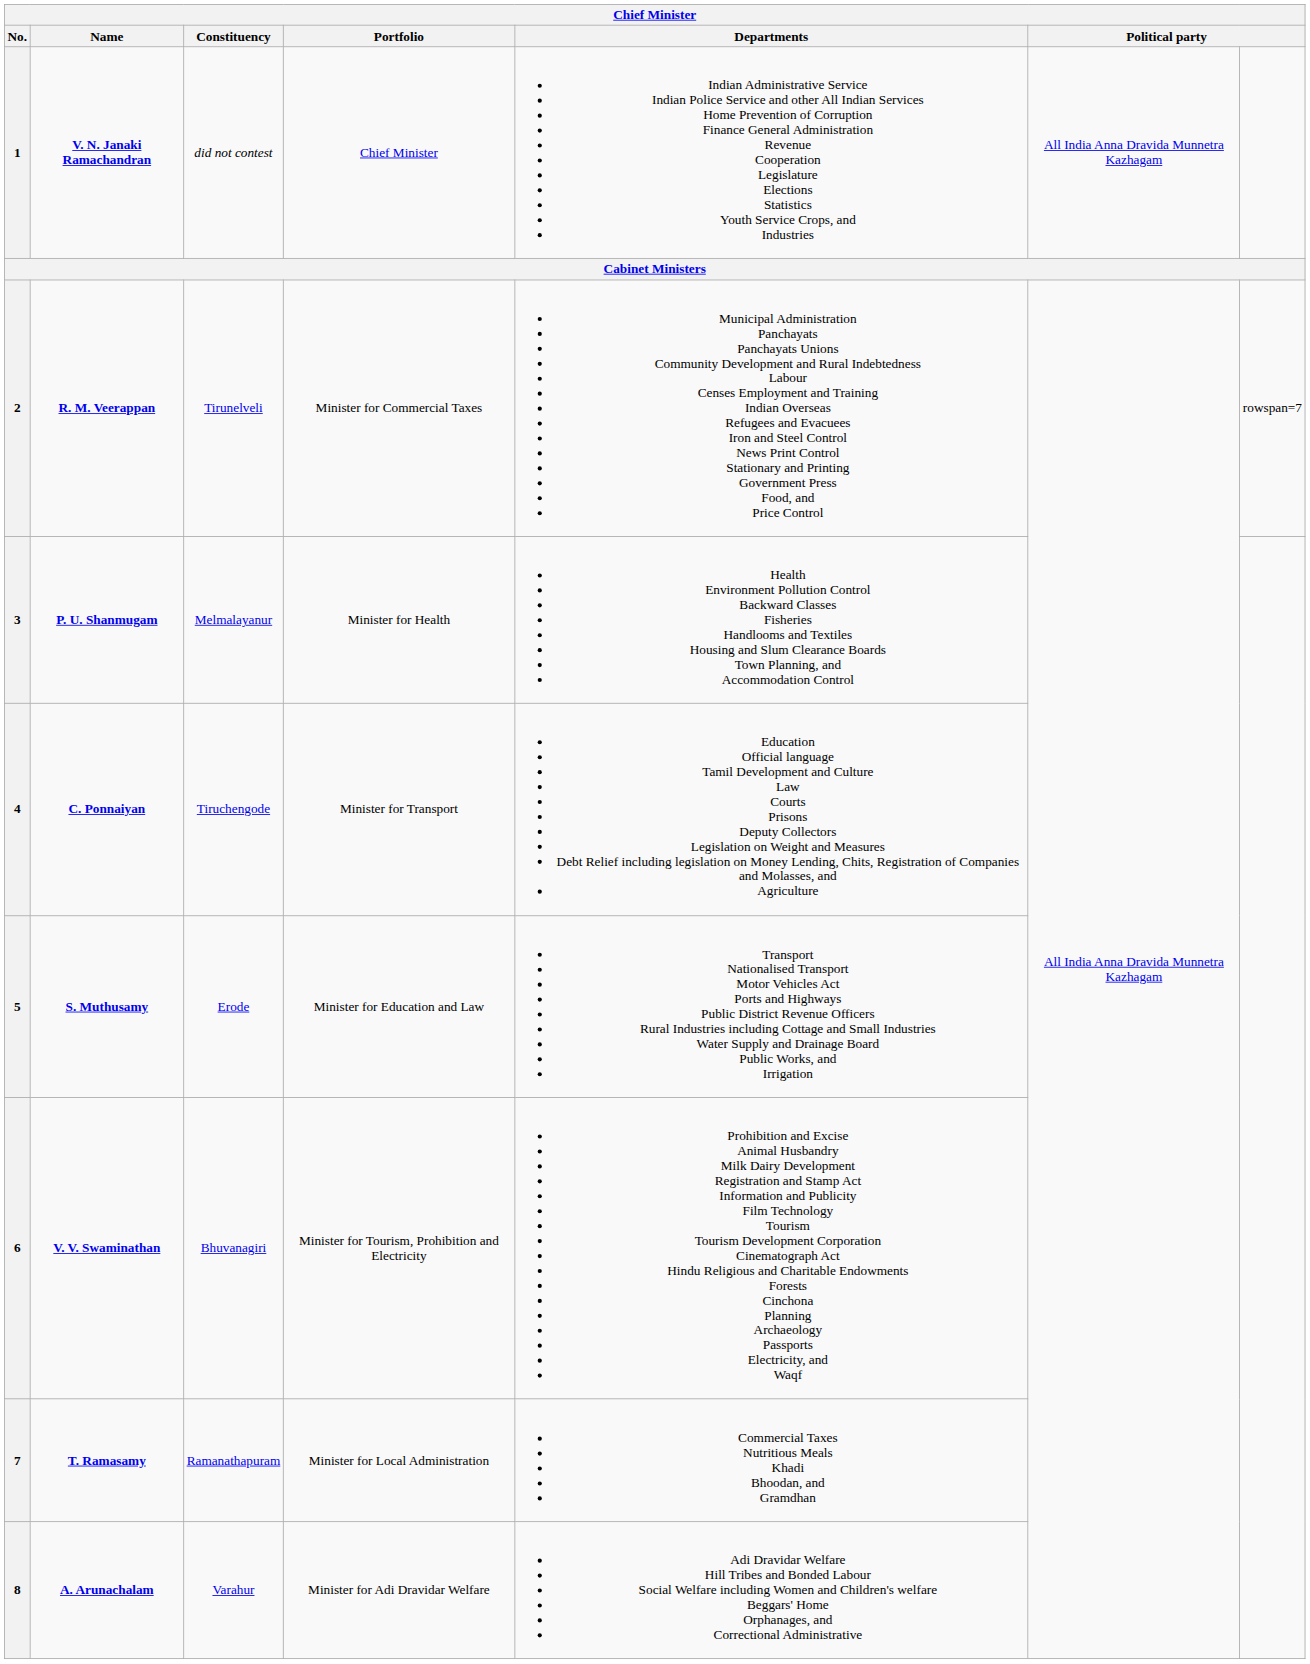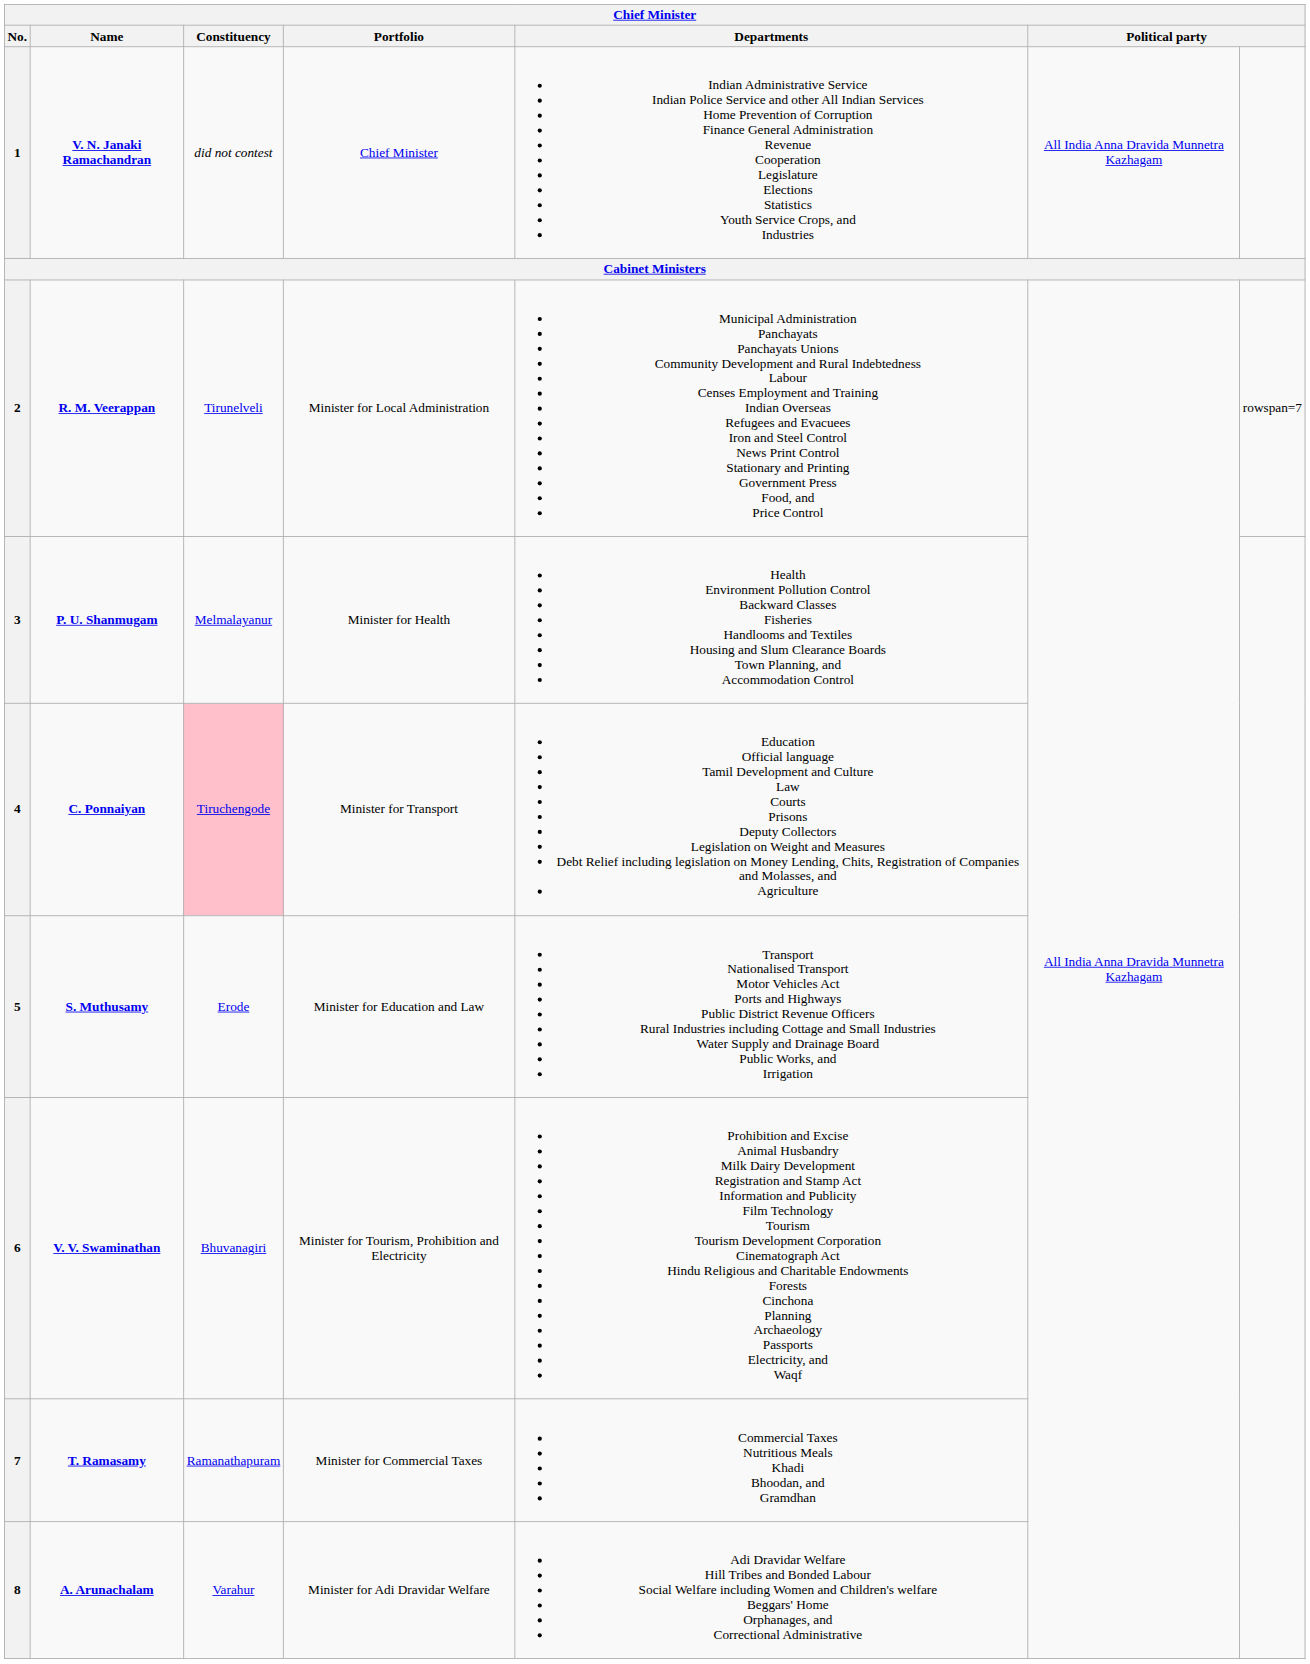 <table class="wikitable" style="text-align:center;">
 <tr>
 <th colspan=7><a href='#'>Chief Minister</a></th>
 </tr>
 <tr>
 <th>No.</th>
 <th>Name</th>
 <th>Constituency</th>
 <th>Portfolio</th>
 <th>Departments</th>
 <th colspan=2>Political party</th>
 </tr>
 <tr>
 <th>1</th>
 <td><strong><a href='#'>V. N. Janaki Ramachandran</a></strong></td>
 <td><em>did not contest</em></td>
 <td><a href='#'>Chief Minister</a></td>
 <td><br><ul><li>Indian Administrative Service</li><li>Indian Police Service and other All Indian Services</li><li>Home Prevention of Corruption</li><li>Finance General Administration</li><li>Revenue</li><li>Cooperation</li><li>Legislature</li><li>Elections</li><li>Statistics</li><li>Youth Service Crops, and</li><li>Industries</li></ul></td>
 <td><a href='#'>All India Anna Dravida Munnetra Kazhagam</a></td>
 <td></td>
 </tr>
 <tr>
 <th colspan=7><a href='#'>Cabinet Ministers</a></th>
 </tr>
 <tr>
 <th>2</th>
 <td><strong><a href='#'>R. M. Veerappan</a></strong></td>
 <td><a href='#'>Tirunelveli</a></td>
-<td>Minister for Commercial Taxes</td>
+<td>Minister for Local Administration</td>
 <td><br><ul><li>Municipal Administration</li><li>Panchayats</li><li>Panchayats Unions</li><li>Community Development and Rural Indebtedness</li><li>Labour</li><li>Censes Employment and Training</li><li>Indian Overseas</li><li>Refugees and Evacuees</li><li>Iron and Steel Control</li><li>News Print Control</li><li>Stationary and Printing</li><li>Government Press</li><li>Food, and</li><li>Price Control</li></ul></td>
 <td rowspan=7><a href='#'>All India Anna Dravida Munnetra Kazhagam</a></td>
 <td>rowspan=7 </td>
 </tr>
 <tr>
 <th>3</th>
 <td><strong><a href='#'>P. U. Shanmugam</a></strong></td>
 <td><a href='#'>Melmalayanur</a></td>
 <td>Minister for Health</td>
 <td><br><ul><li>Health</li><li>Environment Pollution Control</li><li>Backward Classes</li><li>Fisheries</li><li>Handlooms and Textiles</li><li>Housing and Slum Clearance Boards</li><li>Town Planning, and</li><li>Accommodation Control</li></ul></td>
 </tr>
 <tr>
 <th>4</th>
 <td><strong><a href='#'>C. Ponnaiyan</a></strong></td>
-<td><a href='#'>Tiruchengode</a></td>
+<td style="background: pink;"><a href='#'>Tiruchengode</a></td>
 <td>Minister for Transport</td>
 <td><br><ul><li>Education</li><li>Official language</li><li>Tamil Development and Culture</li><li>Law</li><li>Courts</li><li>Prisons</li><li>Deputy Collectors</li><li>Legislation on Weight and Measures</li><li>Debt Relief including legislation on Money Lending, Chits, Registration of Companies and Molasses, and</li><li>Agriculture</li></ul></td>
 </tr>
 <tr>
 <th>5</th>
 <td><strong><a href='#'>S. Muthusamy</a></strong></td>
 <td><a href='#'>Erode</a></td>
 <td>Minister for Education and Law</td>
 <td><br><ul><li>Transport</li><li>Nationalised Transport</li><li>Motor Vehicles Act</li><li>Ports and Highways</li><li>Public District Revenue Officers</li><li>Rural Industries including Cottage and Small Industries</li><li>Water Supply and Drainage Board</li><li>Public Works, and</li><li>Irrigation</li></ul></td>
 </tr>
 <tr>
 <th>6</th>
 <td><strong><a href='#'>V. V. Swaminathan</a></strong></td>
 <td><a href='#'>Bhuvanagiri</a></td>
 <td>Minister for Tourism, Prohibition and Electricity</td>
 <td><br><ul><li>Prohibition and Excise</li><li>Animal Husbandry</li><li>Milk Dairy Development</li><li>Registration and Stamp Act</li><li>Information and Publicity</li><li>Film Technology</li><li>Tourism</li><li>Tourism Development Corporation</li><li>Cinematograph Act</li><li>Hindu Religious and Charitable Endowments</li><li>Forests</li><li>Cinchona</li><li>Planning</li><li>Archaeology</li><li>Passports</li><li>Electricity, and</li><li>Waqf</li></ul></td>
 </tr>
 <tr>
 <th>7</th>
 <td><strong><a href='#'>T. Ramasamy</a></strong></td>
 <td><a href='#'>Ramanathapuram</a></td>
-<td>Minister for Local Administration</td>
+<td>Minister for Commercial Taxes</td>
 <td><br><ul><li>Commercial Taxes</li><li>Nutritious Meals</li><li>Khadi</li><li>Bhoodan, and</li><li>Gramdhan</li></ul></td>
 </tr>
 <tr>
 <th>8</th>
 <td><strong><a href='#'>A. Arunachalam</a></strong></td>
 <td><a href='#'>Varahur</a></td>
 <td>Minister for Adi Dravidar Welfare</td>
 <td><br><ul><li>Adi Dravidar Welfare</li><li>Hill Tribes and Bonded Labour</li><li>Social Welfare including Women and Children's welfare</li><li>Beggars' Home</li><li>Orphanages, and</li><li>Correctional Administrative</li></ul></td>
 </tr>
 </table>
